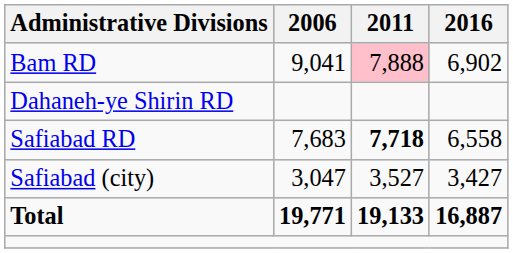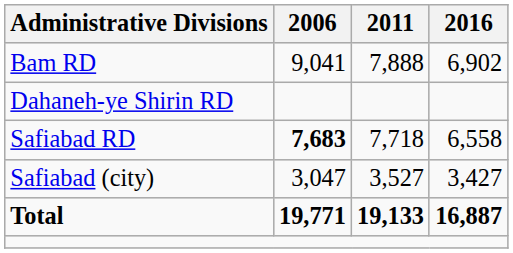 <table class="wikitable">
 <tr>
 <th>Administrative Divisions</th>
 <th>2006</th>
 <th>2011</th>
 <th>2016</th>
 </tr>
 <tr>
 <td><a href='#'>Bam RD</a></td>
 <td style="text-align: right;">9,041</td>
-<td style="background: pink; text-align: right;">7,888</td>
+<td style="text-align: right;">7,888</td>
 <td style="text-align: right;">6,902</td>
 </tr>
 <tr>
 <td><a href='#'>Dahaneh-ye Shirin RD</a></td>
 <td style="text-align: right;"></td>
 <td style="text-align: right;"></td>
 <td style="text-align: right;"></td>
 </tr>
 <tr>
 <td><a href='#'>Safiabad RD</a></td>
-<td style="text-align: right;">7,683</td>
-<td style="text-align: right;"><strong>7,718</strong></td>
+<td style="text-align: right;"><strong>7,683</strong></td>
+<td style="text-align: right;">7,718</td>
 <td style="text-align: right;">6,558</td>
 </tr>
 <tr>
 <td><a href='#'>Safiabad</a> (city)</td>
 <td style="text-align: right;">3,047</td>
 <td style="text-align: right;">3,527</td>
 <td style="text-align: right;">3,427</td>
 </tr>
 <tr>
 <td><strong>Total</strong></td>
 <td style="text-align: right;"><strong>19,771</strong></td>
 <td style="text-align: right;"><strong>19,133</strong></td>
 <td style="text-align: right;"><strong>16,887</strong></td>
 </tr>
 <tr>
 <td colspan=4></td>
 </tr>
 </table>
